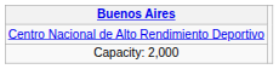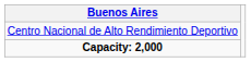 <table class="wikitable" style="text-align:center;">
 <tr>
 <th><a href='#'>Buenos Aires</a></th>
 <td rowspan="4"><br></td>
 </tr>
 <tr>
 <td><a href='#'>Centro Nacional de Alto Rendimiento Deportivo</a></td>
 </tr>
 <tr>
-<td>Capacity: 2,000</td>
+<td><strong>Capacity: 2,000</strong></td>
 </tr>
 </table>
